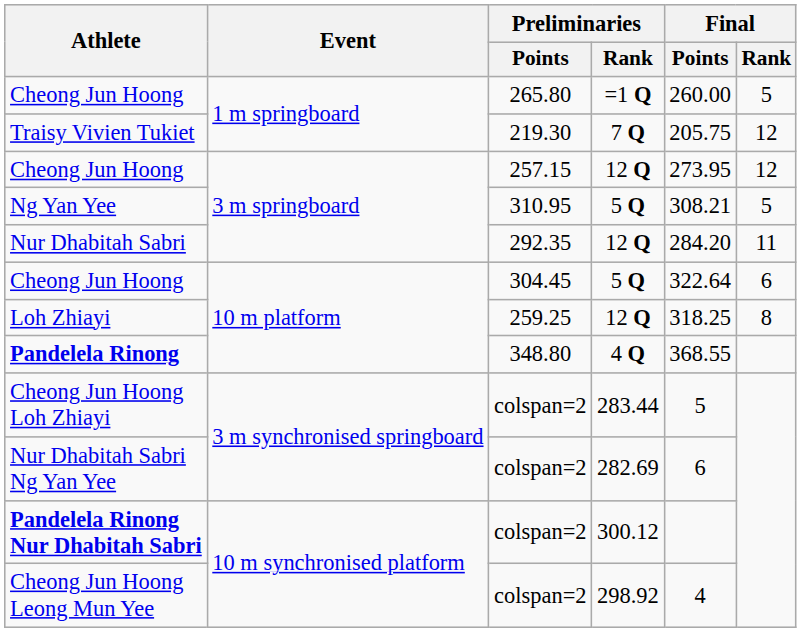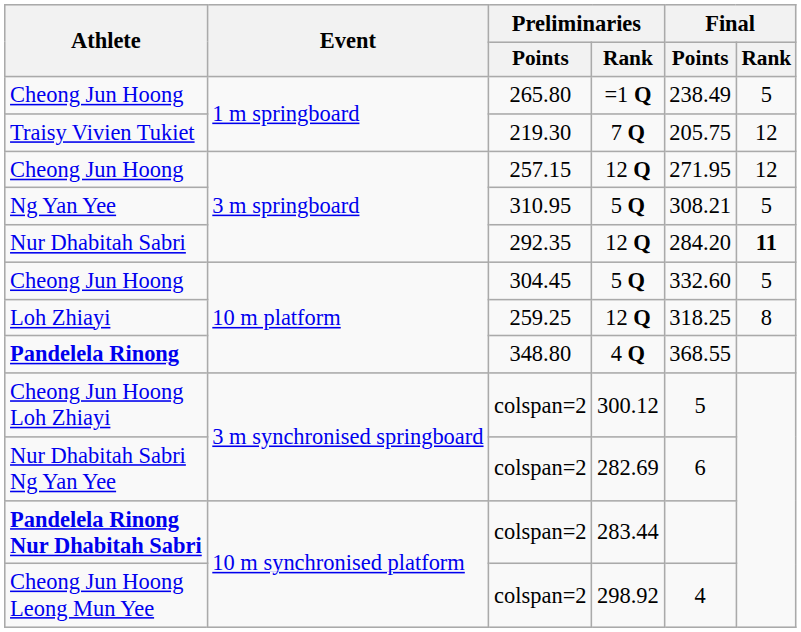 <table class="wikitable" style="font-size:90%;">
 <tr>
 <th rowspan=2>Athlete</th>
 <th rowspan=2>Event</th>
 <th colspan=2>Preliminaries</th>
 <th colspan=2>Final</th>
 </tr>
 <tr style="font-size:95%">
 <th>Points</th>
 <th>Rank</th>
 <th>Points</th>
 <th>Rank</th>
 </tr>
 <tr align=center>
 <td align=left><a href='#'>Cheong Jun Hoong</a></td>
 <td align=left rowspan=2><a href='#'>1 m springboard</a></td>
 <td>265.80</td>
 <td>=1 <strong>Q</strong></td>
-<td>260.00</td>
+<td>238.49</td>
 <td>5</td>
 </tr>
 <tr align=center>
 <td align=left><a href='#'>Traisy Vivien Tukiet</a></td>
 <td>219.30</td>
 <td>7 <strong>Q</strong></td>
 <td>205.75</td>
 <td>12</td>
 </tr>
 <tr align=center>
 <td align=left><a href='#'>Cheong Jun Hoong</a></td>
 <td align=left rowspan=3><a href='#'>3 m springboard</a></td>
 <td>257.15</td>
 <td>12 <strong>Q</strong></td>
-<td>273.95</td>
+<td>271.95</td>
 <td>12</td>
 </tr>
 <tr align=center>
 <td align=left><a href='#'>Ng Yan Yee</a></td>
 <td>310.95</td>
 <td>5 <strong>Q</strong></td>
 <td>308.21</td>
 <td>5</td>
 </tr>
 <tr align=center>
 <td align=left><a href='#'>Nur Dhabitah Sabri</a></td>
 <td>292.35</td>
 <td>12 <strong>Q</strong></td>
 <td>284.20</td>
-<td>11</td>
+<td><strong>11</strong></td>
 </tr>
 <tr align=center>
 <td align=left><a href='#'>Cheong Jun Hoong</a></td>
 <td align=left rowspan=3><a href='#'>10 m platform</a></td>
 <td>304.45</td>
 <td>5 <strong>Q</strong></td>
-<td>322.64</td>
-<td>6</td>
+<td>332.60</td>
+<td>5</td>
 </tr>
 <tr align=center>
 <td align=left><a href='#'>Loh Zhiayi</a></td>
 <td>259.25</td>
 <td>12 <strong>Q</strong></td>
 <td>318.25</td>
 <td>8</td>
 </tr>
 <tr align=center>
 <td align=left><strong><a href='#'>Pandelela Rinong</a></strong></td>
 <td>348.80</td>
 <td>4 <strong>Q</strong></td>
 <td>368.55</td>
 <td></td>
 </tr>
 <tr align=center>
 <td align=left><a href='#'>Cheong Jun Hoong</a><br><a href='#'>Loh Zhiayi</a></td>
 <td align=left rowspan=2><a href='#'>3 m synchronised springboard</a></td>
 <td>colspan=2 </td>
-<td>283.44</td>
+<td>300.12</td>
 <td>5</td>
 </tr>
 <tr align=center>
 <td align=left><a href='#'>Nur Dhabitah Sabri</a><br><a href='#'>Ng Yan Yee</a></td>
 <td>colspan=2 </td>
 <td>282.69</td>
 <td>6</td>
 </tr>
 <tr align=center>
 <td align=left><strong><a href='#'>Pandelela Rinong</a><br><a href='#'>Nur Dhabitah Sabri</a></strong></td>
 <td align=left rowspan=2><a href='#'>10 m synchronised platform</a></td>
 <td>colspan=2 </td>
-<td>300.12</td>
+<td>283.44</td>
 <td></td>
 </tr>
 <tr align=center>
 <td align=left><a href='#'>Cheong Jun Hoong</a><br><a href='#'>Leong Mun Yee</a></td>
 <td>colspan=2 </td>
 <td>298.92</td>
 <td>4</td>
 </tr>
 </table>
